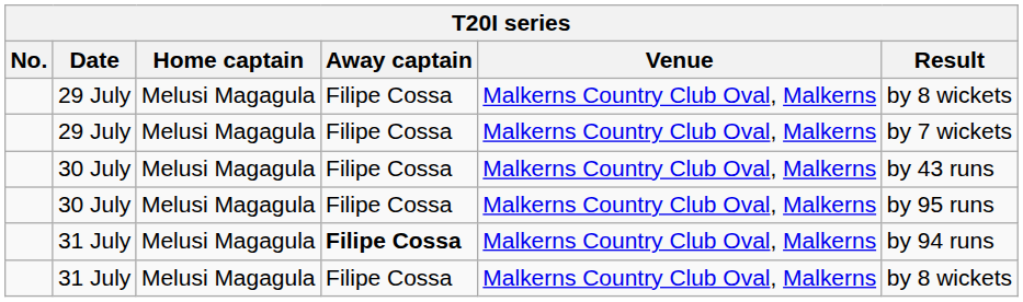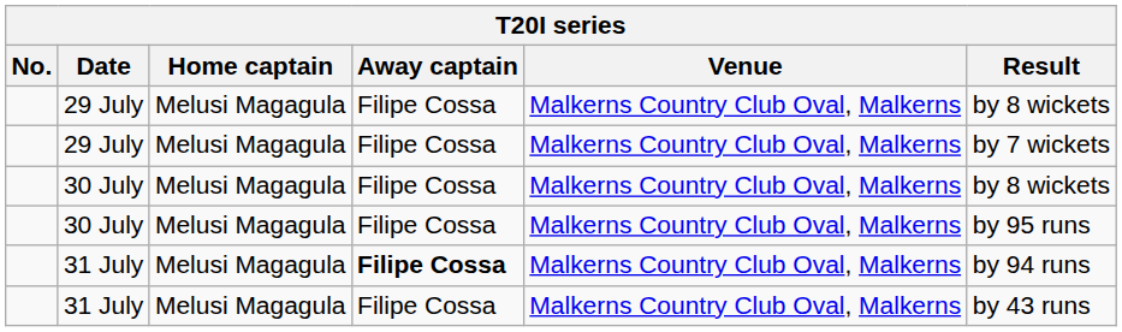 <table class="wikitable">
 <tr>
 <th colspan="6">T20I series</th>
 </tr>
 <tr>
 <th>No.</th>
 <th>Date</th>
 <th>Home captain</th>
 <th>Away captain</th>
 <th>Venue</th>
 <th>Result</th>
 </tr>
 <tr>
 <td></td>
 <td>29 July</td>
 <td>Melusi Magagula</td>
 <td>Filipe Cossa</td>
 <td><a href='#'>Malkerns Country Club Oval</a>, <a href='#'>Malkerns</a></td>
 <td> by 8 wickets</td>
 </tr>
 <tr>
 <td></td>
 <td>29 July</td>
 <td>Melusi Magagula</td>
 <td>Filipe Cossa</td>
 <td><a href='#'>Malkerns Country Club Oval</a>, <a href='#'>Malkerns</a></td>
 <td> by 7 wickets</td>
 </tr>
 <tr>
 <td></td>
 <td>30 July</td>
 <td>Melusi Magagula</td>
 <td>Filipe Cossa</td>
 <td><a href='#'>Malkerns Country Club Oval</a>, <a href='#'>Malkerns</a></td>
-<td> by 43 runs</td>
+<td> by 8 wickets</td>
 </tr>
 <tr>
 <td></td>
 <td>30 July</td>
 <td>Melusi Magagula</td>
 <td>Filipe Cossa</td>
 <td><a href='#'>Malkerns Country Club Oval</a>, <a href='#'>Malkerns</a></td>
 <td> by 95 runs</td>
 </tr>
 <tr>
 <td></td>
 <td>31 July</td>
 <td>Melusi Magagula</td>
 <td><strong>Filipe Cossa</strong></td>
 <td><a href='#'>Malkerns Country Club Oval</a>, <a href='#'>Malkerns</a></td>
 <td> by 94 runs</td>
 </tr>
 <tr>
 <td></td>
 <td>31 July</td>
 <td>Melusi Magagula</td>
 <td>Filipe Cossa</td>
 <td><a href='#'>Malkerns Country Club Oval</a>, <a href='#'>Malkerns</a></td>
-<td> by 8 wickets</td>
+<td> by 43 runs</td>
 </tr>
 </table>
